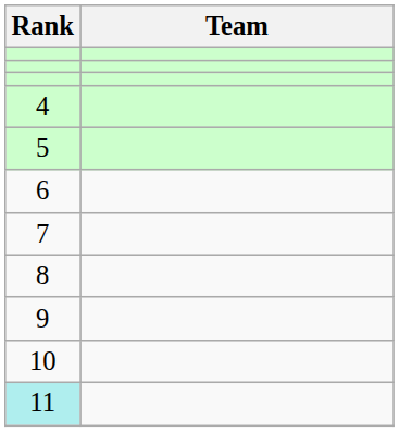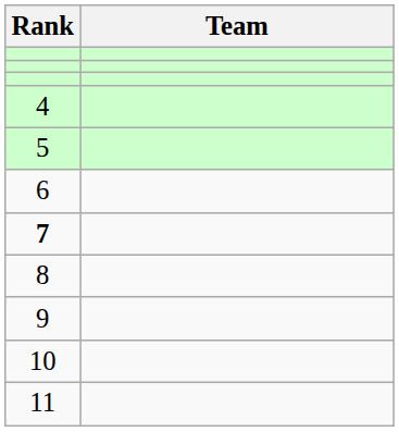 <table class=wikitable style="text-align:center;">
 <tr>
 <th>Rank</th>
 <th width=180>Team</th>
 </tr>
 <tr bgcolor=ccffcc>
 <td></td>
 <td align=left></td>
 </tr>
 <tr bgcolor=ccffcc>
 <td></td>
 <td align=left></td>
 </tr>
 <tr bgcolor=ccffcc>
 <td></td>
 <td align=left></td>
 </tr>
 <tr bgcolor=ccffcc>
 <td>4</td>
 <td align=left></td>
 </tr>
 <tr bgcolor=ccffcc>
 <td>5</td>
 <td align=left></td>
 </tr>
 <tr>
 <td>6</td>
 <td align=left></td>
 </tr>
 <tr>
-<td>7</td>
+<td><strong>7</strong></td>
 <td align=left></td>
 </tr>
 <tr>
 <td>8</td>
 <td align=left></td>
 </tr>
 <tr>
 <td>9</td>
 <td align=left></td>
 </tr>
 <tr>
 <td>10</td>
 <td align=left></td>
 </tr>
 <tr>
-<td style="background: paleturquoise;">11</td>
+<td>11</td>
 <td align=left></td>
 </tr>
 </table>
